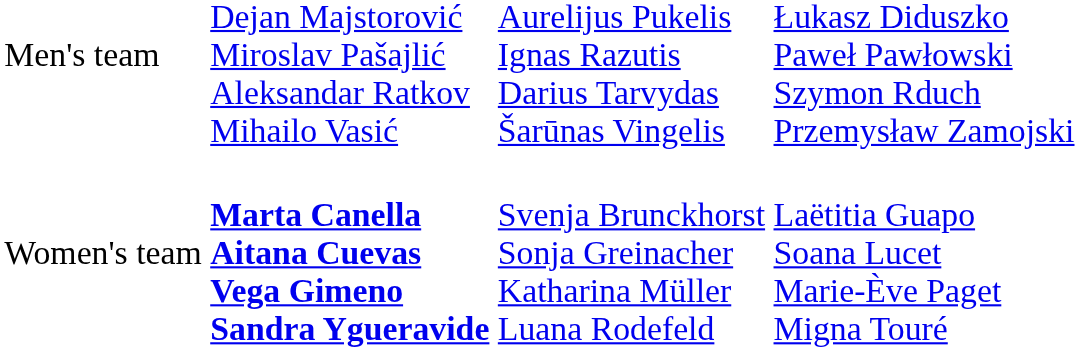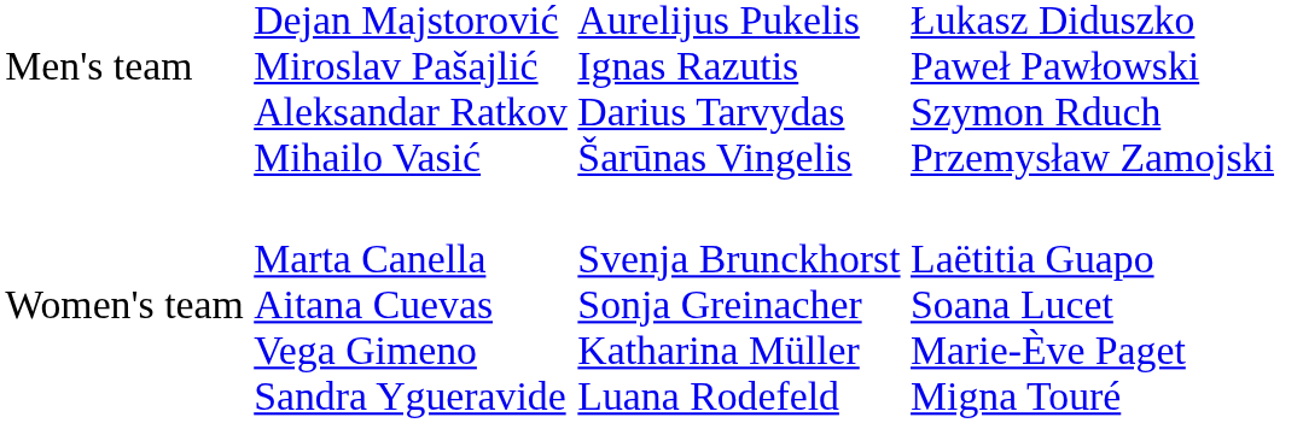 <table>
 <tr>
 <td>Men's team<br><em></em></td>
 <td><br><a href='#'>Dejan Majstorović</a><br><a href='#'>Miroslav Pašajlić</a><br><a href='#'>Aleksandar Ratkov</a><br><a href='#'>Mihailo Vasić</a></td>
 <td><br><a href='#'>Aurelijus Pukelis</a><br><a href='#'>Ignas Razutis</a><br><a href='#'>Darius Tarvydas</a><br><a href='#'>Šarūnas Vingelis</a></td>
 <td><br><a href='#'>Łukasz Diduszko</a><br><a href='#'>Paweł Pawłowski</a><br><a href='#'>Szymon Rduch</a><br><a href='#'>Przemysław Zamojski</a></td>
 </tr>
 <tr>
 <td>Women's team<br><em></em></td>
-<td><strong><br><a href='#'>Marta Canella</a><br><a href='#'>Aitana Cuevas</a><br><a href='#'>Vega Gimeno</a><br><a href='#'>Sandra Ygueravide</a></strong></td>
+<td><br><a href='#'>Marta Canella</a><br><a href='#'>Aitana Cuevas</a><br><a href='#'>Vega Gimeno</a><br><a href='#'>Sandra Ygueravide</a></td>
 <td><br><a href='#'>Svenja Brunckhorst</a><br><a href='#'>Sonja Greinacher</a><br><a href='#'>Katharina Müller</a><br><a href='#'>Luana Rodefeld</a></td>
 <td><br><a href='#'>Laëtitia Guapo</a><br><a href='#'>Soana Lucet</a><br><a href='#'>Marie-Ève Paget</a><br><a href='#'>Migna Touré</a></td>
 </tr>
 </table>
